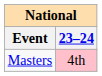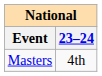 <table class="wikitable" style="text-align:center">
 <tr>
 <th colspan="2" style="background-color: #ffdead; " align="center">National</th>
 </tr>
 <tr>
 <th>Event</th>
 <th><a href='#'>23–24</a></th>
 </tr>
 <tr>
 <td align=left><a href='#'>Masters</a></td>
-<td style="background: pink;">4th</td>
+<td>4th</td>
 </tr>
 </table>
